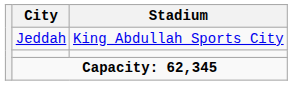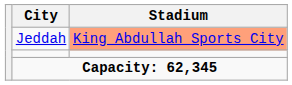 <table class="wikitable" style="text-align:center;margin:1em auto;">
 <tr>
 <th rowspan="4"></th>
 <th>City</th>
 <th>Stadium</th>
 </tr>
 <tr>
 <td><a href='#'>Jeddah</a></td>
-<td><a href='#'>King Abdullah Sports City</a></td>
+<td style="background: lightsalmon;"><a href='#'>King Abdullah Sports City</a></td>
 </tr>
 <tr>
 <td></td>
 <td></td>
 </tr>
 <tr>
 <td colspan="2"><strong>Capacity: 62,345</strong></td>
 </tr>
 </table>
